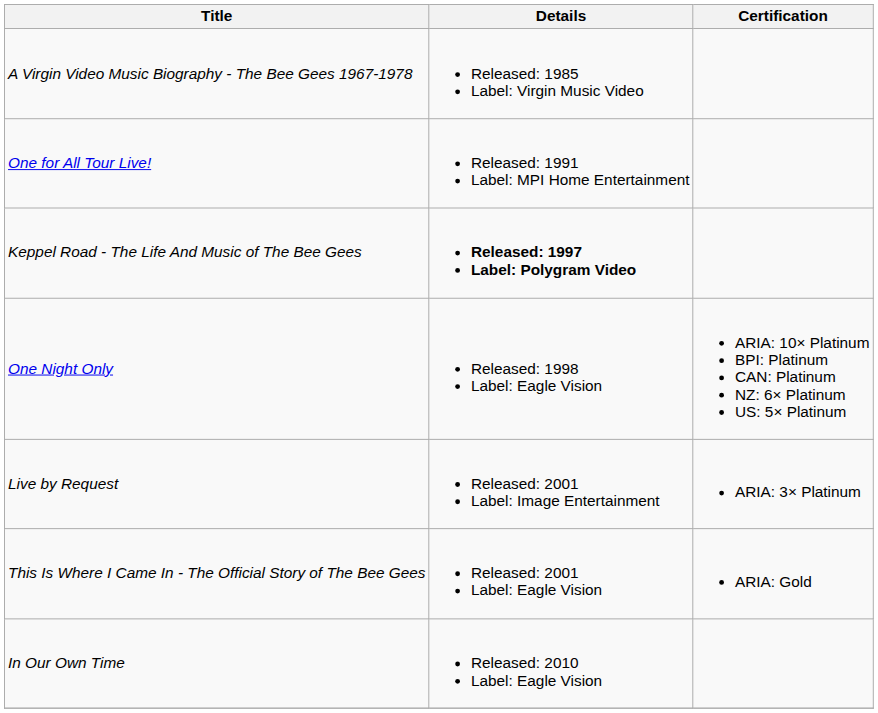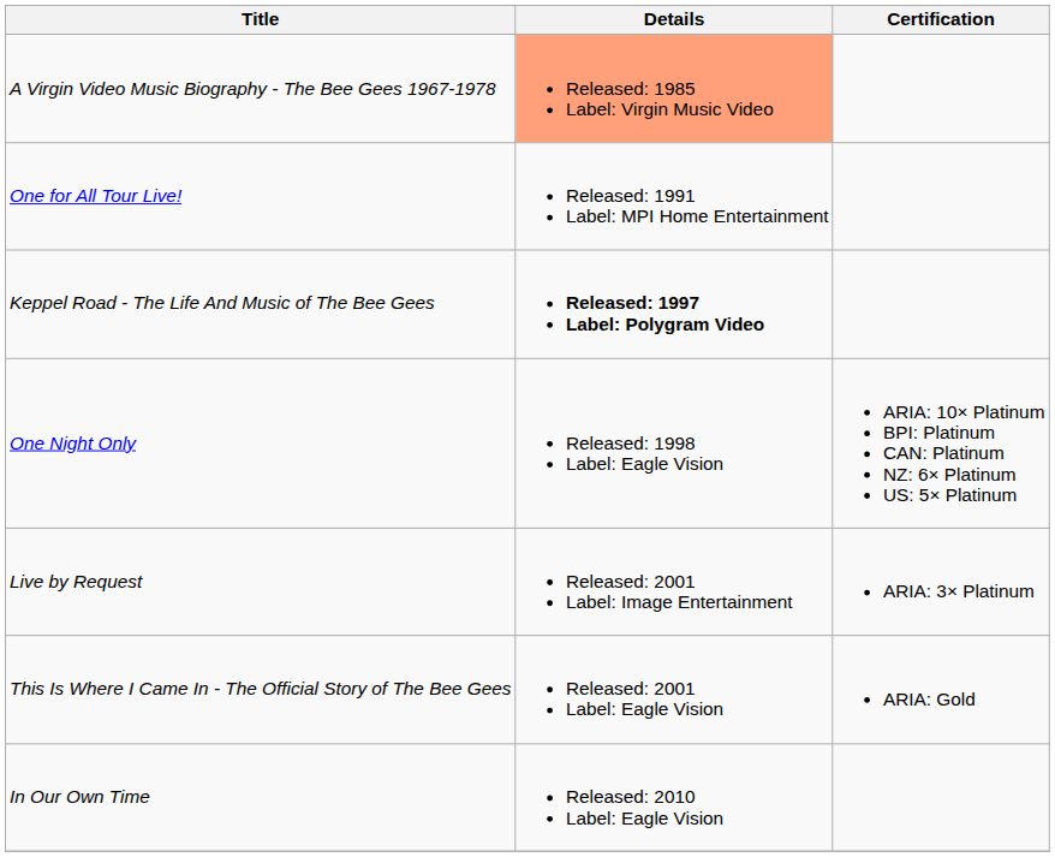 <table class="wikitable">
 <tr>
 <th>Title</th>
 <th>Details</th>
 <th>Certification</th>
 </tr>
 <tr>
 <td scope="row"><em>A Virgin Video Music Biography - The Bee Gees 1967-1978</em></td>
-<td><br><ul><li>Released: 1985</li><li>Label: Virgin Music Video</li></ul></td>
+<td style="background: lightsalmon;"><br><ul><li>Released: 1985</li><li>Label: Virgin Music Video</li></ul></td>
 <td></td>
 </tr>
 <tr>
 <td scope="row"><em><a href='#'>One for All Tour Live!</a></em></td>
 <td><br><ul><li>Released: 1991</li><li>Label: MPI Home Entertainment</li></ul></td>
 <td></td>
 </tr>
 <tr>
 <td scope="row"><em>Keppel Road - The Life And Music of The Bee Gees</em></td>
 <td><strong><br><ul><li>Released: 1997</li><li>Label: Polygram Video</li></ul></strong></td>
 <td></td>
 </tr>
 <tr>
 <td scope="row"><em><a href='#'>One Night Only</a></em></td>
 <td><br><ul><li>Released: 1998</li><li>Label: Eagle Vision</li></ul></td>
 <td><br><ul><li>ARIA: 10× Platinum</li><li>BPI: Platinum</li><li>CAN: Platinum</li><li>NZ: 6× Platinum</li><li>US: 5× Platinum</li></ul></td>
 </tr>
 <tr>
 <td scope="row"><em>Live by Request</em></td>
 <td><br><ul><li>Released: 2001</li><li>Label: Image Entertainment</li></ul></td>
 <td><br><ul><li>ARIA: 3× Platinum</li></ul></td>
 </tr>
 <tr>
 <td scope="row"><em>This Is Where I Came In - The Official Story of The Bee Gees</em></td>
 <td><br><ul><li>Released: 2001</li><li>Label: Eagle Vision</li></ul></td>
 <td><br><ul><li>ARIA: Gold</li></ul></td>
 </tr>
 <tr>
 <td scope="row"><em>In Our Own Time</em></td>
 <td><br><ul><li>Released: 2010</li><li>Label: Eagle Vision</li></ul></td>
 <td></td>
 </tr>
 <tr>
 </tr>
 </table>
